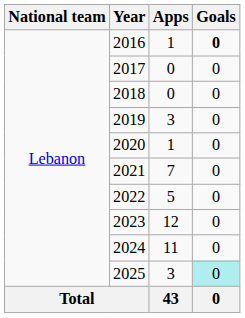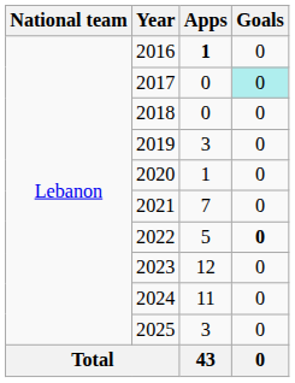 <table class="wikitable" style="text-align:center">
 <tr>
 <th>National team</th>
 <th>Year</th>
 <th>Apps</th>
 <th>Goals</th>
 </tr>
 <tr>
 <td rowspan="10"><a href='#'>Lebanon</a></td>
 <td>2016</td>
-<td>1</td>
-<td><strong>0</strong></td>
+<td><strong>1</strong></td>
+<td>0</td>
 </tr>
 <tr>
 <td>2017</td>
 <td>0</td>
-<td>0</td>
+<td style="background: paleturquoise;">0</td>
 </tr>
 <tr>
 <td>2018</td>
 <td>0</td>
 <td>0</td>
 </tr>
 <tr>
 <td>2019</td>
 <td>3</td>
 <td>0</td>
 </tr>
 <tr>
 <td>2020</td>
 <td>1</td>
 <td>0</td>
 </tr>
 <tr>
 <td>2021</td>
 <td>7</td>
 <td>0</td>
 </tr>
 <tr>
 <td>2022</td>
 <td>5</td>
-<td>0</td>
+<td><strong>0</strong></td>
 </tr>
 <tr>
 <td>2023</td>
 <td>12</td>
 <td>0</td>
 </tr>
 <tr>
 <td>2024</td>
 <td>11</td>
 <td>0</td>
 </tr>
 <tr>
 <td>2025</td>
 <td>3</td>
-<td style="background: paleturquoise;">0</td>
+<td>0</td>
 </tr>
 <tr>
 <th colspan="2">Total</th>
 <th>43</th>
 <th>0</th>
 </tr>
 </table>
